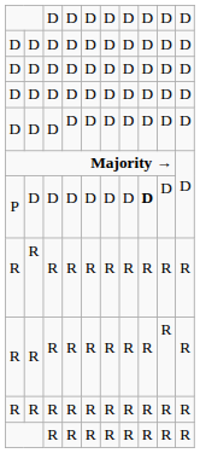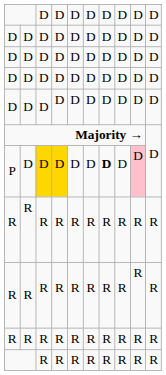 <table class="wikitable" style="text-align:center">
 <tr>
 <td colspan=2> </td>
 <td>D</td>
 <td>D</td>
 <td>D</td>
 <td>D</td>
 <td>D</td>
 <td>D</td>
 <td>D</td>
 <td>D</td>
 </tr>
 <tr>
 <td width=10% >D</td>
 <td width=10% >D</td>
 <td width=10% >D</td>
 <td width=10% >D</td>
 <td width=10% >D</td>
 <td width=10% >D</td>
 <td width=10% >D</td>
 <td width=10% >D</td>
 <td width=10% >D</td>
 <td width=10% >D</td>
 </tr>
 <tr>
 <td>D</td>
 <td>D</td>
 <td>D</td>
 <td>D</td>
 <td>D</td>
 <td>D</td>
 <td>D</td>
 <td>D</td>
 <td>D</td>
 <td>D</td>
 </tr>
 <tr>
 <td>D</td>
 <td>D</td>
 <td>D</td>
 <td>D</td>
 <td>D</td>
 <td>D</td>
 <td>D</td>
 <td>D</td>
 <td>D</td>
 <td>D</td>
 </tr>
 <tr>
 <td>D</td>
 <td>D</td>
 <td>D</td>
 <td>D<br><br></td>
 <td>D<br><br></td>
 <td>D<br><br></td>
 <td>D<br><br></td>
 <td>D<br><br></td>
 <td>D<br><br></td>
 <td>D<br><br></td>
 </tr>
 <tr>
 <td colspan=9 align=right><strong>Majority →</strong></td>
 <td rowspan=2 >D<br><br></td>
 </tr>
 <tr>
 <td>P</td>
 <td>D<br><br></td>
-<td>D<br><br></td>
-<td>D<br><br></td>
-<td>D<br><br></td>
+<td style="background: gold;">D<br><br></td>
+<td style="background: gold;">D<br><br></td>
 <td>D<br><br></td>
 <td>D<br><br></td>
 <td><strong>D<br><br></strong></td>
-<td>D<br><br><br></td>
+<td>D<br><br></td>
+<td style="background: pink;">D<br><br><br></td>
 </tr>
 <tr>
 <td>R<br><br></td>
 <td>R<br><br><br><br></td>
 <td>R<br><br></td>
 <td>R<br><br></td>
 <td>R<br><br></td>
 <td>R<br><br></td>
 <td>R<br><br></td>
 <td>R<br><br></td>
 <td>R<br><br></td>
 <td>R<br><br></td>
 </tr>
 <tr>
 <td>R</td>
 <td>R</td>
 <td>R<br><br></td>
 <td>R<br><br></td>
 <td>R<br><br></td>
 <td>R<br><br></td>
 <td>R<br><br></td>
 <td>R<br><br></td>
 <td>R<br><br><br><br></td>
 <td>R<br><br></td>
 </tr>
 <tr>
 <td>R</td>
 <td>R</td>
 <td>R</td>
 <td>R</td>
 <td>R</td>
 <td>R</td>
 <td>R</td>
 <td>R</td>
 <td>R</td>
 <td>R</td>
 </tr>
 <tr>
 <td colspan=2></td>
 <td>R</td>
 <td>R</td>
 <td>R</td>
 <td>R</td>
 <td>R</td>
 <td>R</td>
 <td>R</td>
 <td>R</td>
 </tr>
 </table>
